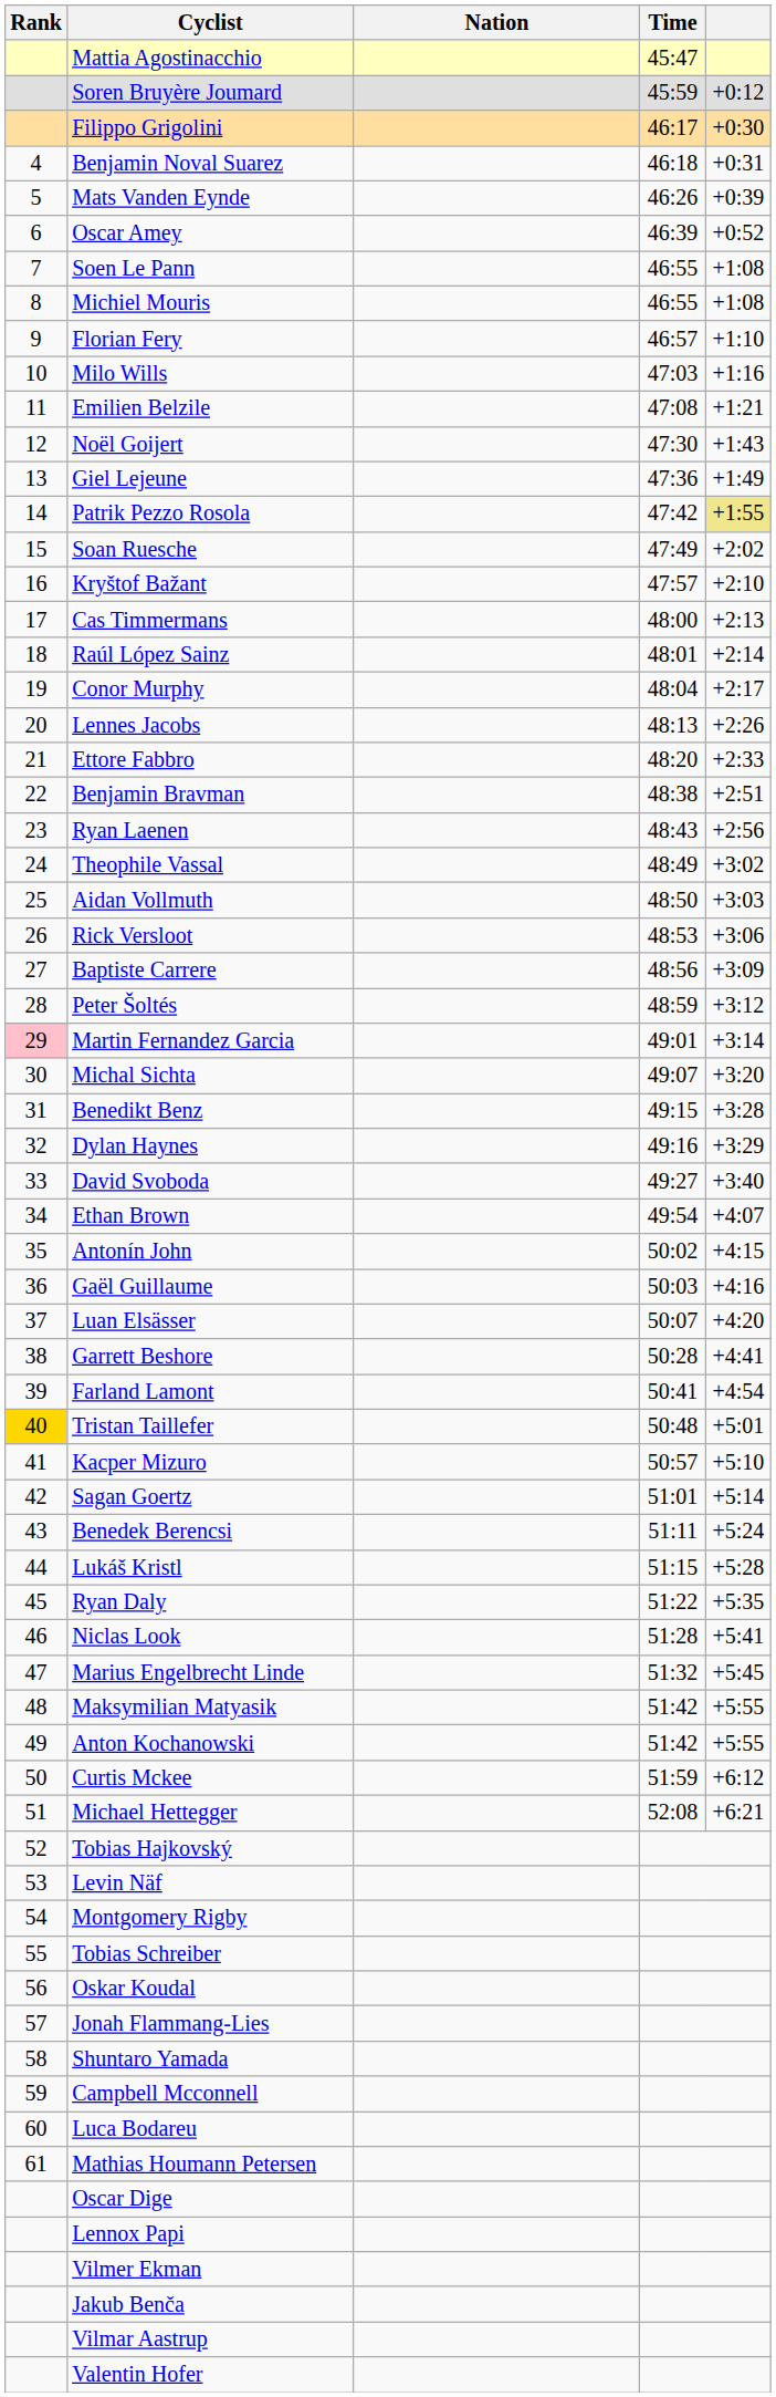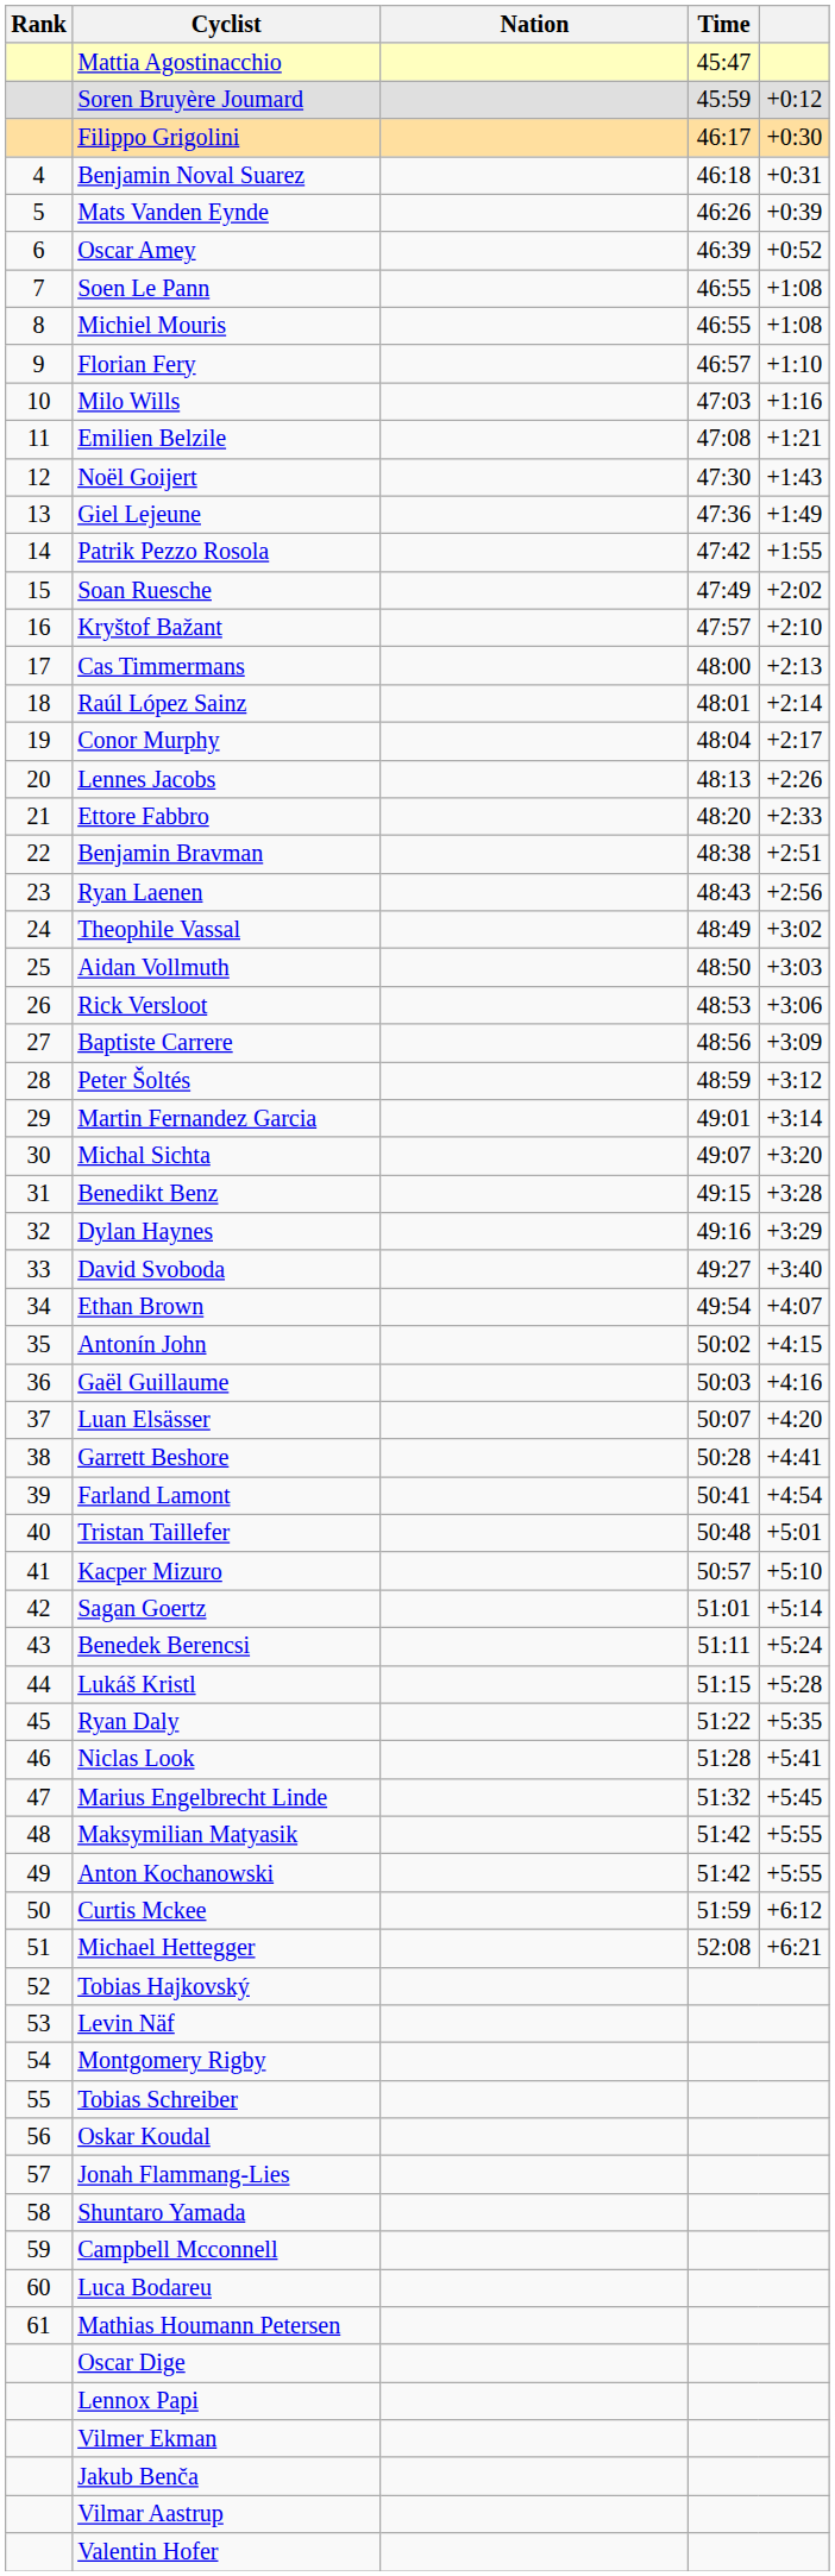 <table class="wikitable sortable" style="text-align:center">
 <tr style="background:#efefef;">
 <th width="30">Rank</th>
 <th width="200">Cyclist</th>
 <th width="200">Nation</th>
 <th width="40">Time</th>
 <th width="40"></th>
 </tr>
 <tr style="background:#FFFFBF;">
 <td></td>
 <td align="left"><a href='#'>Mattia Agostinacchio</a></td>
 <td align="left"></td>
 <td>45:47</td>
 <td></td>
 </tr>
 <tr style="background:#DFDFDF;">
 <td></td>
 <td align="left"><a href='#'>Soren Bruyère Joumard</a></td>
 <td align="left"></td>
 <td>45:59</td>
 <td>+0:12</td>
 </tr>
 <tr style="background:#FFDF9F;">
 <td></td>
 <td align="left"><a href='#'>Filippo Grigolini</a></td>
 <td align="left"></td>
 <td>46:17</td>
 <td>+0:30</td>
 </tr>
 <tr>
 <td>4</td>
 <td align="left"><a href='#'>Benjamin Noval Suarez</a></td>
 <td align="left"></td>
 <td>46:18</td>
 <td>+0:31</td>
 </tr>
 <tr>
 <td>5</td>
 <td align="left"><a href='#'>Mats Vanden Eynde</a></td>
 <td align="left"></td>
 <td>46:26</td>
 <td>+0:39</td>
 </tr>
 <tr>
 <td>6</td>
 <td align="left"><a href='#'>Oscar Amey</a></td>
 <td align="left"></td>
 <td>46:39</td>
 <td>+0:52</td>
 </tr>
 <tr>
 <td>7</td>
 <td align="left"><a href='#'>Soen Le Pann</a></td>
 <td align="left"></td>
 <td>46:55</td>
 <td>+1:08</td>
 </tr>
 <tr>
 <td>8</td>
 <td align="left"><a href='#'>Michiel Mouris</a></td>
 <td align="left"></td>
 <td>46:55</td>
 <td>+1:08</td>
 </tr>
 <tr>
 <td>9</td>
 <td align="left"><a href='#'>Florian Fery</a></td>
 <td align="left"></td>
 <td>46:57</td>
 <td>+1:10</td>
 </tr>
 <tr>
 <td>10</td>
 <td align="left"><a href='#'>Milo Wills</a></td>
 <td align="left"></td>
 <td>47:03</td>
 <td>+1:16</td>
 </tr>
 <tr>
 <td>11</td>
 <td align="left"><a href='#'>Emilien Belzile</a></td>
 <td align="left"></td>
 <td>47:08</td>
 <td>+1:21</td>
 </tr>
 <tr>
 <td>12</td>
 <td align="left"><a href='#'>Noël Goijert</a></td>
 <td align="left"></td>
 <td>47:30</td>
 <td>+1:43</td>
 </tr>
 <tr>
 <td>13</td>
 <td align="left"><a href='#'>Giel Lejeune</a></td>
 <td align="left"></td>
 <td>47:36</td>
 <td>+1:49</td>
 </tr>
 <tr>
 <td>14</td>
 <td align="left"><a href='#'>Patrik Pezzo Rosola</a></td>
 <td align="left"></td>
 <td>47:42</td>
-<td style="background: khaki;">+1:55</td>
+<td>+1:55</td>
 </tr>
 <tr>
 <td>15</td>
 <td align="left"><a href='#'>Soan Ruesche</a></td>
 <td align="left"></td>
 <td>47:49</td>
 <td>+2:02</td>
 </tr>
 <tr>
 <td>16</td>
 <td align="left"><a href='#'>Kryštof Bažant</a></td>
 <td align="left"></td>
 <td>47:57</td>
 <td>+2:10</td>
 </tr>
 <tr>
 <td>17</td>
 <td align="left"><a href='#'>Cas Timmermans</a></td>
 <td align="left"></td>
 <td>48:00</td>
 <td>+2:13</td>
 </tr>
 <tr>
 <td>18</td>
 <td align="left"><a href='#'>Raúl López Sainz</a></td>
 <td align="left"></td>
 <td>48:01</td>
 <td>+2:14</td>
 </tr>
 <tr>
 <td>19</td>
 <td align="left"><a href='#'> Conor Murphy</a></td>
 <td align="left"></td>
 <td>48:04</td>
 <td>+2:17</td>
 </tr>
 <tr>
 <td>20</td>
 <td align="left"><a href='#'>Lennes Jacobs</a></td>
 <td align="left"></td>
 <td>48:13</td>
 <td>+2:26</td>
 </tr>
 <tr>
 <td>21</td>
 <td align="left"><a href='#'>Ettore Fabbro</a></td>
 <td align="left"></td>
 <td>48:20</td>
 <td>+2:33</td>
 </tr>
 <tr>
 <td>22</td>
 <td align="left"><a href='#'>Benjamin Bravman</a></td>
 <td align="left"></td>
 <td>48:38</td>
 <td>+2:51</td>
 </tr>
 <tr>
 <td>23</td>
 <td align="left"><a href='#'>Ryan Laenen</a></td>
 <td align="left"></td>
 <td>48:43</td>
 <td>+2:56</td>
 </tr>
 <tr>
 <td>24</td>
 <td align="left"><a href='#'>Theophile Vassal</a></td>
 <td align="left"></td>
 <td>48:49</td>
 <td>+3:02</td>
 </tr>
 <tr>
 <td>25</td>
 <td align="left"><a href='#'>Aidan Vollmuth</a></td>
 <td align="left"></td>
 <td>48:50</td>
 <td>+3:03</td>
 </tr>
 <tr>
 <td>26</td>
 <td align="left"><a href='#'>Rick Versloot</a></td>
 <td align="left"></td>
 <td>48:53</td>
 <td>+3:06</td>
 </tr>
 <tr>
 <td>27</td>
 <td align="left"><a href='#'>Baptiste Carrere</a></td>
 <td align="left"></td>
 <td>48:56</td>
 <td>+3:09</td>
 </tr>
 <tr>
 <td>28</td>
 <td align="left"><a href='#'>Peter Šoltés</a></td>
 <td align="left"></td>
 <td>48:59</td>
 <td>+3:12</td>
 </tr>
 <tr>
-<td style="background: pink;">29</td>
+<td>29</td>
 <td align="left"><a href='#'>Martin Fernandez Garcia</a></td>
 <td align="left"></td>
 <td>49:01</td>
 <td>+3:14</td>
 </tr>
 <tr>
 <td>30</td>
 <td align="left"><a href='#'>Michal Sichta</a></td>
 <td align="left"></td>
 <td>49:07</td>
 <td>+3:20</td>
 </tr>
 <tr>
 <td>31</td>
 <td align="left"><a href='#'>Benedikt Benz</a></td>
 <td align="left"></td>
 <td>49:15</td>
 <td>+3:28</td>
 </tr>
 <tr>
 <td>32</td>
 <td align="left"><a href='#'>Dylan Haynes</a></td>
 <td align="left"></td>
 <td>49:16</td>
 <td>+3:29</td>
 </tr>
 <tr>
 <td>33</td>
 <td align="left"><a href='#'> David Svoboda</a></td>
 <td align="left"></td>
 <td>49:27</td>
 <td>+3:40</td>
 </tr>
 <tr>
 <td>34</td>
 <td align="left"><a href='#'> Ethan Brown</a></td>
 <td align="left"></td>
 <td>49:54</td>
 <td>+4:07</td>
 </tr>
 <tr>
 <td>35</td>
 <td align="left"><a href='#'>Antonín John</a></td>
 <td align="left"></td>
 <td>50:02</td>
 <td>+4:15</td>
 </tr>
 <tr>
 <td>36</td>
 <td align="left"><a href='#'>Gaël Guillaume</a></td>
 <td align="left"></td>
 <td>50:03</td>
 <td>+4:16</td>
 </tr>
 <tr>
 <td>37</td>
 <td align="left"><a href='#'>Luan Elsässer</a></td>
 <td align="left"></td>
 <td>50:07</td>
 <td>+4:20</td>
 </tr>
 <tr>
 <td>38</td>
 <td align="left"><a href='#'>Garrett Beshore</a></td>
 <td align="left"></td>
 <td>50:28</td>
 <td>+4:41</td>
 </tr>
 <tr>
 <td>39</td>
 <td align="left"><a href='#'>Farland Lamont</a></td>
 <td align="left"></td>
 <td>50:41</td>
 <td>+4:54</td>
 </tr>
 <tr>
-<td style="background: gold;">40</td>
+<td>40</td>
 <td align="left"><a href='#'>Tristan Taillefer</a></td>
 <td align="left"></td>
 <td>50:48</td>
 <td>+5:01</td>
 </tr>
 <tr>
 <td>41</td>
 <td align="left"><a href='#'>Kacper Mizuro</a></td>
 <td align="left"></td>
 <td>50:57</td>
 <td>+5:10</td>
 </tr>
 <tr>
 <td>42</td>
 <td align="left"><a href='#'>Sagan Goertz</a></td>
 <td align="left"></td>
 <td>51:01</td>
 <td>+5:14</td>
 </tr>
 <tr>
 <td>43</td>
 <td align="left"><a href='#'>Benedek Berencsi</a></td>
 <td align="left"></td>
 <td>51:11</td>
 <td>+5:24</td>
 </tr>
 <tr>
 <td>44</td>
 <td align="left"><a href='#'>Lukáš Kristl</a></td>
 <td align="left"></td>
 <td>51:15</td>
 <td>+5:28</td>
 </tr>
 <tr>
 <td>45</td>
 <td align="left"><a href='#'> Ryan Daly</a></td>
 <td align="left"></td>
 <td>51:22</td>
 <td>+5:35</td>
 </tr>
 <tr>
 <td>46</td>
 <td align="left"><a href='#'>Niclas Look</a></td>
 <td align="left"></td>
 <td>51:28</td>
 <td>+5:41</td>
 </tr>
 <tr>
 <td>47</td>
 <td align="left"><a href='#'>Marius Engelbrecht Linde</a></td>
 <td align="left"></td>
 <td>51:32</td>
 <td>+5:45</td>
 </tr>
 <tr>
 <td>48</td>
 <td align="left"><a href='#'>Maksymilian Matyasik</a></td>
 <td align="left"></td>
 <td>51:42</td>
 <td>+5:55</td>
 </tr>
 <tr>
 <td>49</td>
 <td align="left"><a href='#'> Anton Kochanowski</a></td>
 <td align="left"></td>
 <td>51:42</td>
 <td>+5:55</td>
 </tr>
 <tr>
 <td>50</td>
 <td align="left"><a href='#'>Curtis Mckee</a></td>
 <td align="left"></td>
 <td>51:59</td>
 <td>+6:12</td>
 </tr>
 <tr>
 <td>51</td>
 <td align="left"><a href='#'>Michael Hettegger</a></td>
 <td align="left"></td>
 <td>52:08</td>
 <td>+6:21</td>
 </tr>
 <tr>
 <td>52</td>
 <td align="left"><a href='#'>Tobias Hajkovský</a></td>
 <td align="left"></td>
 <td colspan="2"></td>
 </tr>
 <tr>
 <td>53</td>
 <td align="left"><a href='#'>Levin Näf</a></td>
 <td align="left"></td>
 <td colspan="2"></td>
 </tr>
 <tr>
 <td>54</td>
 <td align="left"><a href='#'>Montgomery Rigby</a></td>
 <td align="left"></td>
 <td colspan="2"></td>
 </tr>
 <tr>
 <td>55</td>
 <td align="left"><a href='#'>Tobias Schreiber</a></td>
 <td align="left"></td>
 <td colspan="2"></td>
 </tr>
 <tr>
 <td>56</td>
 <td align="left"><a href='#'>Oskar Koudal</a></td>
 <td align="left"></td>
 <td colspan="2"></td>
 </tr>
 <tr>
 <td>57</td>
 <td align="left"><a href='#'>Jonah Flammang-Lies</a></td>
 <td align="left"></td>
 <td colspan="2"></td>
 </tr>
 <tr>
 <td>58</td>
 <td align="left"><a href='#'>Shuntaro Yamada</a></td>
 <td align="left"></td>
 <td colspan="2"></td>
 </tr>
 <tr>
 <td>59</td>
 <td align="left"><a href='#'>Campbell Mcconnell</a></td>
 <td align="left"></td>
 <td colspan="2"></td>
 </tr>
 <tr>
 <td>60</td>
 <td align="left"><a href='#'>Luca Bodareu</a></td>
 <td align="left"></td>
 <td colspan="2"></td>
 </tr>
 <tr>
 <td>61</td>
 <td align="left"><a href='#'>Mathias Houmann Petersen</a></td>
 <td align="left"></td>
 <td colspan="2"></td>
 </tr>
 <tr>
 <td></td>
 <td align="left"><a href='#'>Oscar Dige</a></td>
 <td align="left"></td>
 <td colspan="2"></td>
 </tr>
 <tr>
 <td></td>
 <td align="left"><a href='#'>Lennox Papi</a></td>
 <td align="left"></td>
 <td colspan="2"></td>
 </tr>
 <tr>
 <td></td>
 <td align="left"><a href='#'>Vilmer Ekman</a></td>
 <td align="left"></td>
 <td colspan="2"></td>
 </tr>
 <tr>
 <td></td>
 <td align="left"><a href='#'>Jakub Benča</a></td>
 <td align="left"></td>
 <td colspan="2"></td>
 </tr>
 <tr>
 <td></td>
 <td align="left"><a href='#'>Vilmar Aastrup</a></td>
 <td align="left"></td>
 <td colspan="2"></td>
 </tr>
 <tr>
 <td></td>
 <td align="left"><a href='#'>Valentin Hofer</a></td>
 <td align="left"></td>
 <td colspan="2"></td>
 </tr>
 </table>
